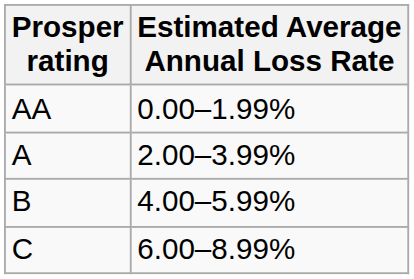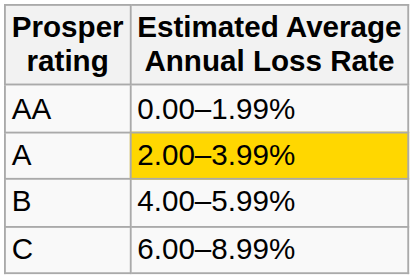 <table class="wikitable">
 <tr>
 <th>Prosper<br>rating</th>
 <th>Estimated Average<br>Annual Loss Rate</th>
 </tr>
 <tr>
 <td>AA</td>
 <td>0.00–1.99%</td>
 </tr>
 <tr>
 <td>A</td>
-<td>2.00–3.99%</td>
+<td style="background: gold;">2.00–3.99%</td>
 </tr>
 <tr>
 <td>B</td>
 <td>4.00–5.99%</td>
 </tr>
 <tr>
 <td>C</td>
 <td>6.00–8.99%</td>
 </tr>
 </table>
